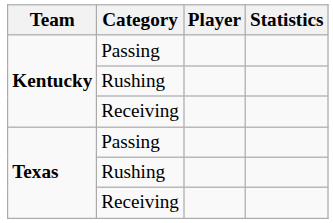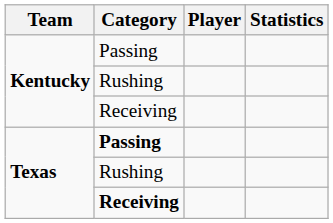 <table class="wikitable" style="float: right;">
 <tr>
 <th>Team</th>
 <th>Category</th>
 <th>Player</th>
 <th>Statistics</th>
 </tr>
 <tr>
 <td rowspan=3><strong>Kentucky</strong></td>
 <td>Passing</td>
 <td></td>
 <td></td>
 </tr>
 <tr>
 <td>Rushing</td>
 <td></td>
 <td></td>
 </tr>
 <tr>
 <td>Receiving</td>
 <td></td>
 <td></td>
 </tr>
 <tr>
 <td rowspan=3><strong>Texas</strong></td>
-<td>Passing</td>
+<td><strong>Passing</strong></td>
 <td></td>
 <td></td>
 </tr>
 <tr>
 <td>Rushing</td>
 <td></td>
 <td></td>
 </tr>
 <tr>
-<td>Receiving</td>
+<td><strong>Receiving</strong></td>
 <td></td>
 <td></td>
 </tr>
 </table>
